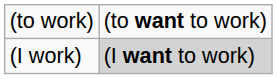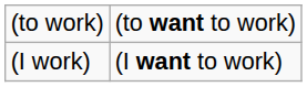 <table class="wikitable">
 <tr>
 <td> (to work)</td>
 <td> (to <strong>want</strong> to work)</td>
 </tr>
 <tr>
 <td> (I work)</td>
-<td style="background: lightgrey;"> (I <strong>want</strong> to work)</td>
+<td> (I <strong>want</strong> to work)</td>
 </tr>
 </table>
